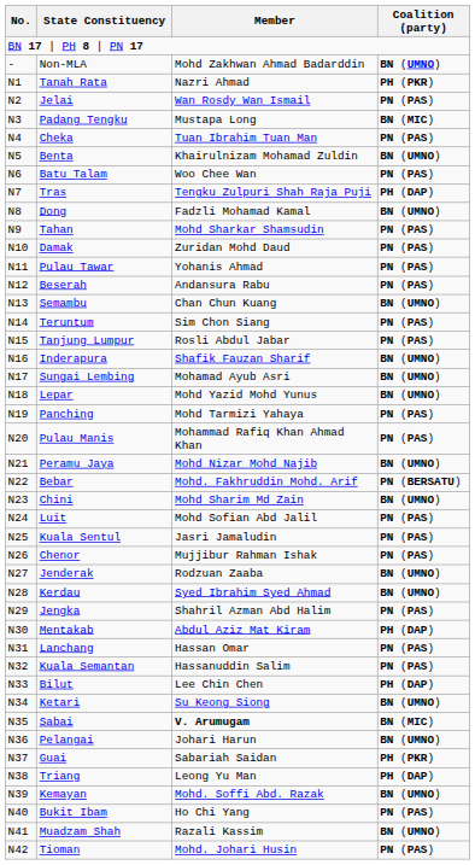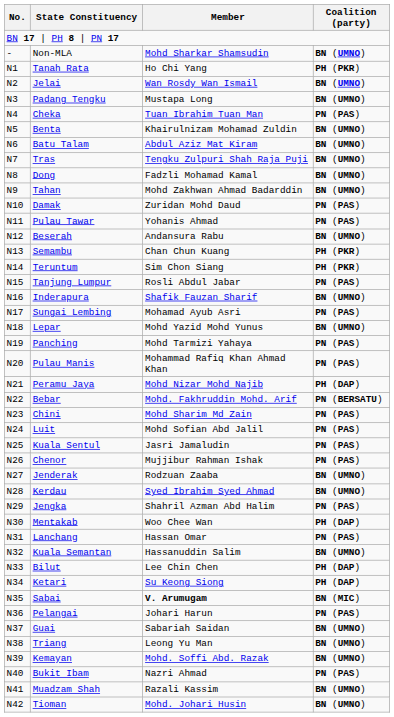 <table class="wikitable sortable">
 <tr>
 <th style="width:30px;">No.</th>
 <th style="width:150px;">State Constituency</th>
 <th style="width:230px;">Member</th>
 <th style="width:100px;">Coalition (party)</th>
 </tr>
 <tr>
 <td colspan="5"><a href='#'>BN</a> <strong>17</strong> | <a href='#'>PH</a> <strong>8</strong> | <a href='#'>PN</a> <strong>17</strong></td>
 </tr>
 <tr>
 <td>-</td>
 <td>Non-MLA</td>
-<td>Mohd Zakhwan Ahmad Badarddin</td>
+<td><a href='#'>Mohd Sharkar Shamsudin</a></td>
 <td style="background:"><strong>BN</strong> (<strong><a href='#'>UMNO</a></strong>)</td>
 </tr>
 <tr>
 <td>N1</td>
 <td><a href='#'>Tanah Rata</a></td>
-<td>Nazri Ahmad</td>
+<td>Ho Chi Yang</td>
 <td style="background:"><strong>PH</strong> (<strong>PKR</strong>)</td>
 </tr>
 <tr>
 <td>N2</td>
 <td><a href='#'>Jelai</a></td>
 <td><a href='#'>Wan Rosdy Wan Ismail</a></td>
-<td style="background:"><strong>PN</strong> (<strong>PAS</strong>)</td>
+<td style="background:"><strong>BN</strong> (<strong><a href='#'>UMNO</a></strong>)</td>
 </tr>
 <tr>
 <td>N3</td>
 <td><a href='#'>Padang Tengku</a></td>
 <td>Mustapa Long</td>
-<td style="background:"><strong>BN</strong> (<strong>MIC</strong>)</td>
+<td style="background:"><strong>BN</strong> (<strong>UMNO</strong>)</td>
 </tr>
 <tr>
 <td>N4</td>
 <td><a href='#'>Cheka</a></td>
 <td><a href='#'>Tuan Ibrahim Tuan Man</a></td>
 <td style="background:"><strong>PN</strong> (<strong>PAS</strong>)</td>
 </tr>
 <tr>
 <td>N5</td>
 <td><a href='#'>Benta</a></td>
 <td>Khairulnizam Mohamad Zuldin</td>
 <td style="background:"><strong>BN</strong> (<strong>UMNO</strong>)</td>
 </tr>
 <tr>
 <td>N6</td>
 <td><a href='#'>Batu Talam</a></td>
-<td>Woo Chee Wan</td>
-<td style="background:"><strong>PN</strong> (<strong>PAS</strong>)</td>
+<td><a href='#'>Abdul Aziz Mat Kiram</a></td>
+<td style="background:"><strong>BN</strong> (<strong>UMNO</strong>)</td>
 </tr>
 <tr>
 <td>N7</td>
 <td><a href='#'>Tras</a></td>
 <td><a href='#'>Tengku Zulpuri Shah Raja Puji</a></td>
-<td style="background:"><strong>PH</strong> (<strong>DAP</strong>)</td>
+<td style="background:"><strong>BN</strong> (<strong>UMNO</strong>)</td>
 </tr>
 <tr>
 <td>N8</td>
 <td><a href='#'>Dong</a></td>
 <td>Fadzli Mohamad Kamal</td>
 <td style="background:"><strong>BN</strong> (<strong>UMNO</strong>)</td>
 </tr>
 <tr>
 <td>N9</td>
 <td><a href='#'>Tahan</a></td>
-<td><a href='#'>Mohd Sharkar Shamsudin</a></td>
-<td style="background:"><strong>PN</strong> (<strong>PAS</strong>)</td>
+<td>Mohd Zakhwan Ahmad Badarddin</td>
+<td style="background:"><strong>BN</strong> (<strong>UMNO</strong>)</td>
 </tr>
 <tr>
 <td>N10</td>
 <td><a href='#'>Damak</a></td>
 <td>Zuridan Mohd Daud</td>
 <td style="background:"><strong>PN</strong> (<strong>PAS</strong>)</td>
 </tr>
 <tr>
 <td>N11</td>
 <td><a href='#'>Pulau Tawar</a></td>
 <td>Yohanis Ahmad</td>
 <td style="background:"><strong>PN</strong> (<strong>PAS</strong>)</td>
 </tr>
 <tr>
 <td>N12</td>
 <td><a href='#'>Beserah</a></td>
 <td>Andansura Rabu</td>
-<td style="background:"><strong>PN</strong> (<strong>PAS</strong>)</td>
+<td style="background:"><strong>BN</strong> (<strong>UMNO</strong>)</td>
 </tr>
 <tr>
 <td>N13</td>
 <td><a href='#'>Semambu</a></td>
 <td>Chan Chun Kuang</td>
-<td style="background:"><strong>BN</strong> (<strong>UMNO</strong>)</td>
+<td style="background:"><strong>PH</strong> (<strong>PKR</strong>)</td>
 </tr>
 <tr>
 <td>N14</td>
 <td><a href='#'>Teruntum</a></td>
 <td>Sim Chon Siang</td>
-<td style="background:"><strong>PN</strong> (<strong>PAS</strong>)</td>
+<td style="background:"><strong>PH</strong> (<strong>PKR</strong>)</td>
 </tr>
 <tr>
 <td>N15</td>
 <td><a href='#'>Tanjung Lumpur</a></td>
 <td>Rosli Abdul Jabar</td>
 <td style="background:"><strong>PN</strong> (<strong>PAS</strong>)</td>
 </tr>
 <tr>
 <td>N16</td>
 <td><a href='#'>Inderapura</a></td>
 <td><a href='#'>Shafik Fauzan Sharif</a></td>
 <td style="background:"><strong>BN</strong> (<strong>UMNO</strong>)</td>
 </tr>
 <tr>
 <td>N17</td>
 <td><a href='#'>Sungai Lembing</a></td>
 <td>Mohamad Ayub Asri</td>
-<td style="background:"><strong>BN</strong> (<strong>UMNO</strong>)</td>
+<td style="background:"><strong>PN</strong> (<strong>PAS</strong>)</td>
 </tr>
 <tr>
 <td>N18</td>
 <td><a href='#'>Lepar</a></td>
 <td>Mohd Yazid Mohd Yunus</td>
 <td style="background:"><strong>BN</strong> (<strong>UMNO</strong>)</td>
 </tr>
 <tr>
 <td>N19</td>
 <td><a href='#'>Panching</a></td>
 <td>Mohd Tarmizi Yahaya</td>
 <td style="background:"><strong>PN</strong> (<strong>PAS</strong>)</td>
 </tr>
 <tr>
 <td>N20</td>
 <td><a href='#'>Pulau Manis</a></td>
 <td>Mohammad Rafiq Khan Ahmad Khan</td>
 <td style="background:"><strong>PN</strong> (<strong>PAS</strong>)</td>
 </tr>
 <tr>
 <td>N21</td>
 <td><a href='#'>Peramu Jaya</a></td>
 <td><a href='#'>Mohd Nizar Mohd Najib</a></td>
-<td style="background:"><strong>BN</strong> (<strong>UMNO</strong>)</td>
+<td style="background:"><strong>PH</strong> (<strong>DAP</strong>)</td>
 </tr>
 <tr>
 <td>N22</td>
 <td><a href='#'>Bebar</a></td>
 <td><a href='#'>Mohd. Fakhruddin Mohd. Arif</a></td>
 <td style="background:"><strong>PN</strong> (<strong>BERSATU</strong>)</td>
 </tr>
 <tr>
 <td>N23</td>
 <td><a href='#'>Chini</a></td>
 <td><a href='#'>Mohd Sharim Md Zain</a></td>
-<td style="background:"><strong>BN</strong> (<strong>UMNO</strong>)</td>
+<td style="background:"><strong>PN</strong> (<strong>PAS</strong>)</td>
 </tr>
 <tr>
 <td>N24</td>
 <td><a href='#'>Luit</a></td>
 <td>Mohd Sofian Abd Jalil</td>
 <td style="background:"><strong>PN</strong> (<strong>PAS</strong>)</td>
 </tr>
 <tr>
 <td>N25</td>
 <td><a href='#'>Kuala Sentul</a></td>
 <td>Jasri Jamaludin</td>
 <td style="background:"><strong>PN</strong> (<strong>PAS</strong>)</td>
 </tr>
 <tr>
 <td>N26</td>
 <td><a href='#'>Chenor</a></td>
 <td>Mujjibur Rahman Ishak</td>
 <td style="background:"><strong>PN</strong> (<strong>PAS</strong>)</td>
 </tr>
 <tr>
 <td>N27</td>
 <td><a href='#'>Jenderak</a></td>
 <td>Rodzuan Zaaba</td>
 <td style="background:"><strong>BN</strong> (<strong>UMNO</strong>)</td>
 </tr>
 <tr>
 <td>N28</td>
 <td><a href='#'>Kerdau</a></td>
 <td><a href='#'>Syed Ibrahim Syed Ahmad</a></td>
 <td style="background:"><strong>BN</strong> (<strong>UMNO</strong>)</td>
 </tr>
 <tr>
 <td>N29</td>
 <td><a href='#'>Jengka</a></td>
 <td>Shahril Azman Abd Halim</td>
 <td style="background:"><strong>PN</strong> (<strong>PAS</strong>)</td>
 </tr>
 <tr>
 <td>N30</td>
 <td><a href='#'>Mentakab</a></td>
-<td><a href='#'>Abdul Aziz Mat Kiram</a></td>
+<td>Woo Chee Wan</td>
 <td style="background:"><strong>PH</strong> (<strong>DAP</strong>)</td>
 </tr>
 <tr>
 <td>N31</td>
 <td><a href='#'>Lanchang</a></td>
 <td>Hassan Omar</td>
 <td style="background:"><strong>PN</strong> (<strong>PAS</strong>)</td>
 </tr>
 <tr>
 <td>N32</td>
 <td><a href='#'>Kuala Semantan</a></td>
 <td>Hassanuddin Salim</td>
-<td style="background:"><strong>PN</strong> (<strong>PAS</strong>)</td>
+<td style="background:"><strong>BN</strong> (<strong>UMNO</strong>)</td>
 </tr>
 <tr>
 <td>N33</td>
 <td><a href='#'>Bilut</a></td>
 <td>Lee Chin Chen</td>
 <td style="background:"><strong>PH</strong> (<strong>DAP</strong>)</td>
 </tr>
 <tr>
 <td>N34</td>
 <td><a href='#'>Ketari</a></td>
 <td><a href='#'>Su Keong Siong</a></td>
-<td style="background:"><strong>BN</strong> (<strong>UMNO</strong>)</td>
+<td style="background:"><strong>PH</strong> (<strong>DAP</strong>)</td>
 </tr>
 <tr>
 <td>N35</td>
 <td><a href='#'>Sabai</a></td>
 <td><strong>V. Arumugam</strong></td>
 <td style="background:"><strong>BN</strong> (<strong>MIC</strong>)</td>
 </tr>
 <tr>
 <td>N36</td>
 <td><a href='#'>Pelangai</a></td>
 <td>Johari Harun</td>
-<td style="background:"><strong>BN</strong> (<strong>UMNO</strong>)</td>
+<td style="background:"><strong>PN</strong> (<strong>PAS</strong>)</td>
 </tr>
 <tr>
 <td>N37</td>
 <td><a href='#'>Guai</a></td>
 <td>Sabariah Saidan</td>
-<td style="background:"><strong>PH</strong> (<strong>PKR</strong>)</td>
+<td style="background:"><strong>BN</strong> (<strong>UMNO</strong>)</td>
 </tr>
 <tr>
 <td>N38</td>
 <td><a href='#'>Triang</a></td>
 <td>Leong Yu Man</td>
-<td style="background:"><strong>PH</strong> (<strong>DAP</strong>)</td>
+<td style="background:"><strong>BN</strong> (<strong>UMNO</strong>)</td>
 </tr>
 <tr>
 <td>N39</td>
 <td><a href='#'>Kemayan</a></td>
 <td><a href='#'>Mohd. Soffi Abd. Razak</a></td>
 <td style="background:"><strong>BN</strong> (<strong>UMNO</strong>)</td>
 </tr>
 <tr>
 <td>N40</td>
 <td><a href='#'>Bukit Ibam</a></td>
-<td>Ho Chi Yang</td>
+<td>Nazri Ahmad</td>
 <td style="background:"><strong>PN</strong> (<strong>PAS</strong>)</td>
 </tr>
 <tr>
 <td>N41</td>
 <td><a href='#'>Muadzam Shah</a></td>
 <td>Razali Kassim</td>
 <td style="background:"><strong>BN</strong> (<strong>UMNO</strong>)</td>
 </tr>
 <tr>
 <td>N42</td>
 <td><a href='#'>Tioman</a></td>
 <td><a href='#'>Mohd. Johari Husin</a></td>
-<td style="background:"><strong>PN</strong> (<strong>PAS</strong>)</td>
+<td style="background:"><strong>BN</strong> (<strong>UMNO</strong>)</td>
 </tr>
 </table>
